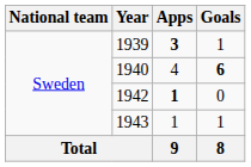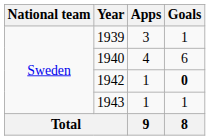 <table class=wikitable style=text-align:center>
 <tr>
 <th>National team</th>
 <th>Year</th>
 <th>Apps</th>
 <th>Goals</th>
 </tr>
 <tr>
 <td rowspan="4"><a href='#'>Sweden</a></td>
 <td>1939</td>
-<td><strong>3</strong></td>
+<td>3</td>
 <td>1</td>
 </tr>
 <tr>
 <td>1940</td>
 <td>4</td>
-<td><strong>6</strong></td>
+<td>6</td>
 </tr>
 <tr>
 <td>1942</td>
-<td><strong>1</strong></td>
-<td>0</td>
+<td>1</td>
+<td><strong>0</strong></td>
 </tr>
 <tr>
 <td>1943</td>
 <td>1</td>
 <td>1</td>
 </tr>
 <tr>
 <th colspan="2">Total</th>
 <th>9</th>
 <th>8</th>
 </tr>
 </table>
